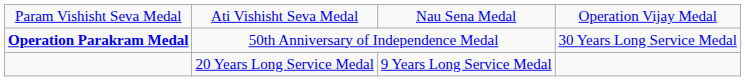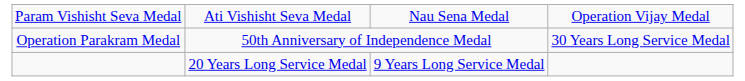 <table class="wikitable" style="margin:1em auto; text-align:center;">
 <tr>
 <td><a href='#'>Param Vishisht Seva Medal</a></td>
 <td><a href='#'>Ati Vishisht Seva Medal</a></td>
 <td><a href='#'>Nau Sena Medal</a></td>
 <td><a href='#'>Operation Vijay Medal</a></td>
 </tr>
 <tr>
-<td><strong><a href='#'>Operation Parakram Medal</a></strong></td>
+<td><a href='#'>Operation Parakram Medal</a></td>
 <td colspan=2><a href='#'>50th Anniversary of Independence Medal</a></td>
 <td><a href='#'>30 Years Long Service Medal</a></td>
 </tr>
 <tr>
 <td></td>
 <td><a href='#'>20 Years Long Service Medal</a></td>
 <td><a href='#'>9 Years Long Service Medal</a></td>
 <td></td>
 </tr>
 </table>
